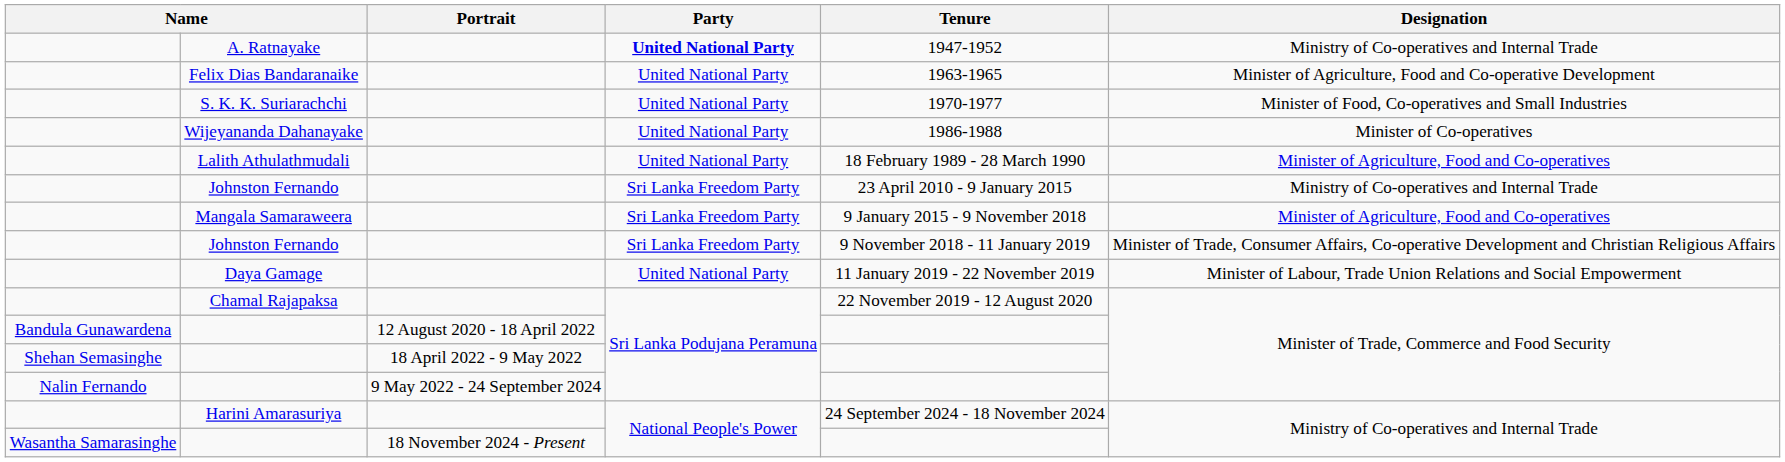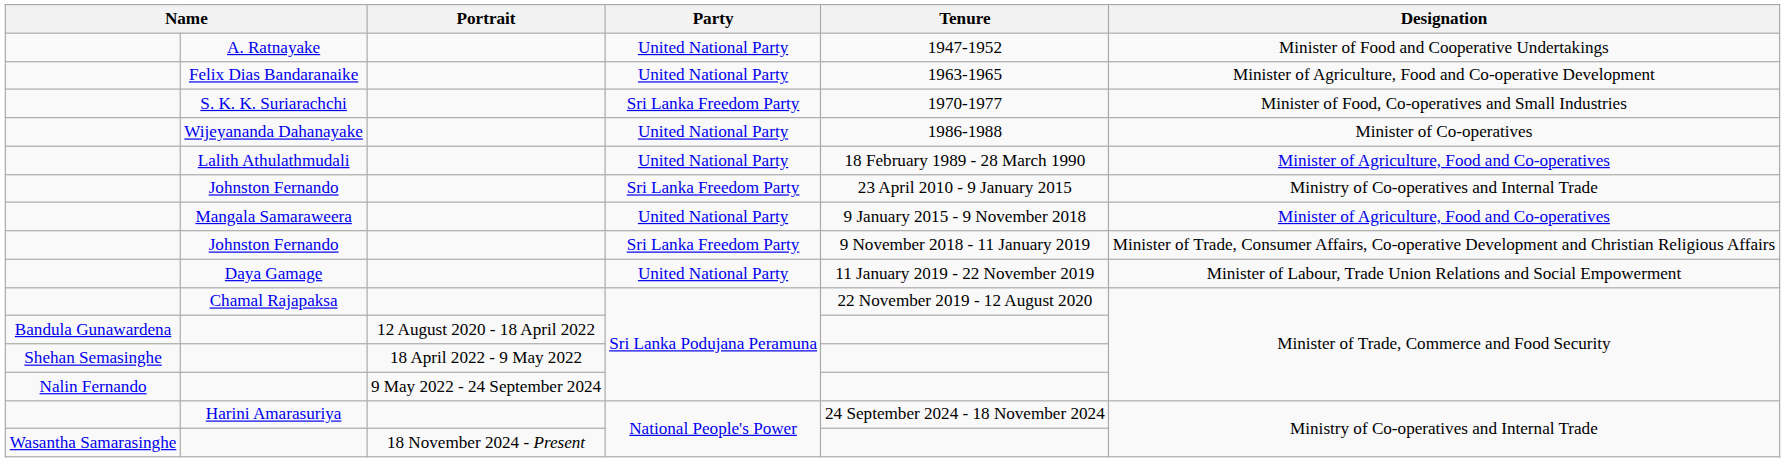 <table class="wikitable" style="margin:1em auto; font-size:90%; text-align:center;">
 <tr>
 <th colspan="2">Name</th>
 <th>Portrait</th>
 <th>Party</th>
 <th>Tenure</th>
 <th>Designation</th>
 </tr>
 <tr>
 <td !align="centre" style="background:"></td>
 <td><a href='#'>A. Ratnayake</a></td>
 <td></td>
-<td><strong><a href='#'>United National Party</a></strong></td>
+<td><a href='#'>United National Party</a></td>
 <td>1947-1952</td>
-<td>Ministry of Co-operatives and Internal Trade</td>
+<td>Minister of Food and Cooperative Undertakings</td>
 </tr>
 <tr>
 <td !align="centre" style="background:"></td>
 <td><a href='#'>Felix Dias Bandaranaike</a></td>
 <td></td>
 <td><a href='#'>United National Party</a></td>
 <td>1963-1965</td>
 <td>Minister of Agriculture, Food and Co-operative Development</td>
 </tr>
 <tr>
 <td !align="centre" style="background:"></td>
 <td><a href='#'>S. K. K. Suriarachchi</a></td>
 <td></td>
-<td><a href='#'>United National Party</a></td>
+<td><a href='#'>Sri Lanka Freedom Party</a></td>
 <td>1970-1977</td>
 <td>Minister of Food, Co-operatives and Small Industries</td>
 </tr>
 <tr>
 <td !align="centre" style="background:"></td>
 <td><a href='#'>Wijeyananda Dahanayake</a></td>
 <td></td>
 <td><a href='#'>United National Party</a></td>
 <td>1986-1988</td>
 <td>Minister of Co-operatives</td>
 </tr>
 <tr>
 <td !align="centre" style="background:"></td>
 <td><a href='#'>Lalith Athulathmudali</a></td>
 <td></td>
 <td><a href='#'>United National Party</a></td>
 <td>18 February 1989 - 28 March 1990</td>
 <td><a href='#'>Minister of Agriculture, Food and Co-operatives</a></td>
 </tr>
 <tr>
 <td !align="centre" style="background:"></td>
 <td><a href='#'>Johnston Fernando</a></td>
 <td></td>
 <td><a href='#'>Sri Lanka Freedom Party</a></td>
 <td>23 April 2010 - 9 January 2015</td>
 <td>Ministry of Co-operatives and Internal Trade</td>
 </tr>
 <tr>
 <td !align="centre" style="background:"></td>
 <td><a href='#'>Mangala Samaraweera</a></td>
 <td></td>
-<td><a href='#'>Sri Lanka Freedom Party</a></td>
+<td><a href='#'>United National Party</a></td>
 <td>9 January 2015 - 9 November 2018</td>
 <td><a href='#'>Minister of Agriculture, Food and Co-operatives</a></td>
 </tr>
 <tr>
 <td !align="centre" style="background:"></td>
 <td><a href='#'>Johnston Fernando</a></td>
 <td></td>
 <td><a href='#'>Sri Lanka Freedom Party</a></td>
 <td>9 November 2018 - 11 January 2019</td>
 <td>Minister of Trade, Consumer Affairs, Co-operative Development and Christian Religious Affairs</td>
 </tr>
 <tr>
 <td !align="centre" style="background:"></td>
 <td><a href='#'>Daya Gamage</a></td>
 <td></td>
 <td><a href='#'>United National Party</a></td>
 <td>11 January 2019 - 22 November 2019</td>
 <td>Minister of Labour, Trade Union Relations and Social Empowerment</td>
 </tr>
 <tr>
 <td style="background:"></td>
 <td><a href='#'>Chamal Rajapaksa</a></td>
 <td></td>
 <td rowspan="4"><a href='#'>Sri Lanka Podujana Peramuna</a></td>
 <td>22 November 2019 - 12 August 2020</td>
 <td rowspan="4">Minister of Trade, Commerce and Food Security</td>
 </tr>
 <tr>
 <td><a href='#'>Bandula Gunawardena</a></td>
 <td></td>
 <td>12 August 2020 - 18 April 2022</td>
 <td></td>
 </tr>
 <tr>
 <td><a href='#'>Shehan Semasinghe</a></td>
 <td></td>
 <td>18 April 2022 - 9 May 2022</td>
 <td></td>
 </tr>
 <tr>
 <td><a href='#'>Nalin Fernando</a></td>
 <td></td>
 <td>9 May 2022 - 24 September 2024</td>
 </tr>
 <tr>
 <td style="background:"></td>
 <td><a href='#'>Harini Amarasuriya</a></td>
 <td></td>
 <td rowspan="2"><a href='#'>National People's Power</a></td>
 <td>24 September 2024 - 18 November 2024</td>
 <td rowspan="2">Ministry of Co-operatives and Internal Trade</td>
 </tr>
 <tr>
 <td><a href='#'>Wasantha Samarasinghe</a></td>
 <td></td>
 <td>18 November 2024 - <em>Present</em></td>
 <td></td>
 </tr>
 </table>
